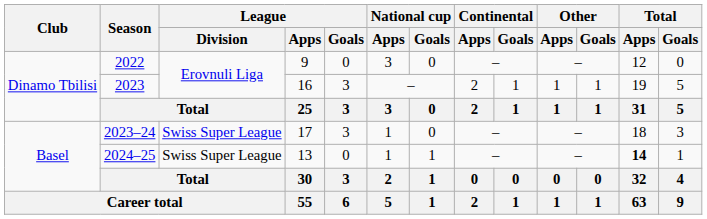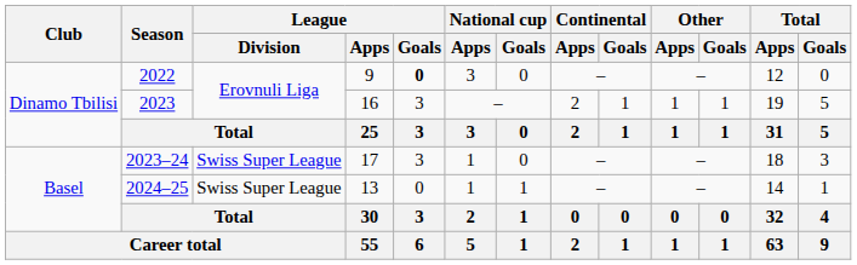 <table class="wikitable" style="text-align:center">
 <tr>
 <th rowspan="2">Club</th>
 <th rowspan="2">Season</th>
 <th colspan="3">League</th>
 <th colspan="2">National cup</th>
 <th colspan="2">Continental</th>
 <th colspan="2">Other</th>
 <th colspan="2">Total</th>
 </tr>
 <tr>
 <th>Division</th>
 <th>Apps</th>
 <th>Goals</th>
 <th>Apps</th>
 <th>Goals</th>
 <th>Apps</th>
 <th>Goals</th>
 <th>Apps</th>
 <th>Goals</th>
 <th>Apps</th>
 <th>Goals</th>
 </tr>
 <tr>
 <td rowspan="3"><a href='#'>Dinamo Tbilisi</a></td>
 <td><a href='#'>2022</a></td>
 <td rowspan="2"><a href='#'>Erovnuli Liga</a></td>
 <td>9</td>
-<td>0</td>
+<td><strong>0</strong></td>
 <td>3</td>
 <td>0</td>
 <td colspan="2">–</td>
 <td colspan="2">–</td>
 <td>12</td>
 <td>0</td>
 </tr>
 <tr>
 <td><a href='#'>2023</a></td>
 <td>16</td>
 <td>3</td>
 <td colspan="2">–</td>
 <td>2</td>
 <td>1</td>
 <td>1</td>
 <td>1</td>
 <td>19</td>
 <td>5</td>
 </tr>
 <tr>
 <th colspan="2">Total</th>
 <th>25</th>
 <th>3</th>
 <th>3</th>
 <th>0</th>
 <th>2</th>
 <th>1</th>
 <th>1</th>
 <th>1</th>
 <th>31</th>
 <th>5</th>
 </tr>
 <tr>
 <td rowspan="3"><a href='#'>Basel</a></td>
 <td><a href='#'>2023–24</a></td>
 <td><a href='#'>Swiss Super League</a></td>
 <td>17</td>
 <td>3</td>
 <td>1</td>
 <td>0</td>
 <td colspan="2">–</td>
 <td colspan="2">–</td>
 <td>18</td>
 <td>3</td>
 </tr>
 <tr>
 <td><a href='#'>2024–25</a></td>
 <td>Swiss Super League</td>
 <td>13</td>
 <td>0</td>
 <td>1</td>
 <td>1</td>
 <td colspan="2">–</td>
 <td colspan="2">–</td>
-<td><strong>14</strong></td>
+<td>14</td>
 <td>1</td>
 </tr>
 <tr>
 <th colspan="2">Total</th>
 <th>30</th>
 <th>3</th>
 <th>2</th>
 <th>1</th>
 <th>0</th>
 <th>0</th>
 <th>0</th>
 <th>0</th>
 <th>32</th>
 <th>4</th>
 </tr>
 <tr>
 <th colspan="3">Career total</th>
 <th>55</th>
 <th>6</th>
 <th>5</th>
 <th>1</th>
 <th>2</th>
 <th>1</th>
 <th>1</th>
 <th>1</th>
 <th>63</th>
 <th>9</th>
 </tr>
 </table>
